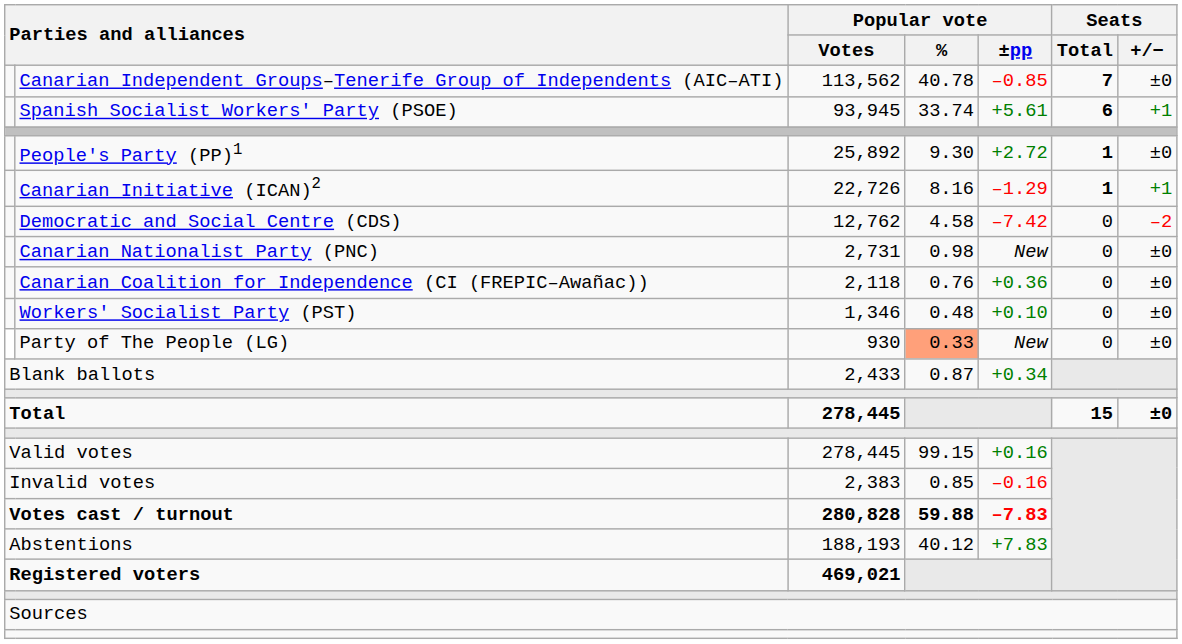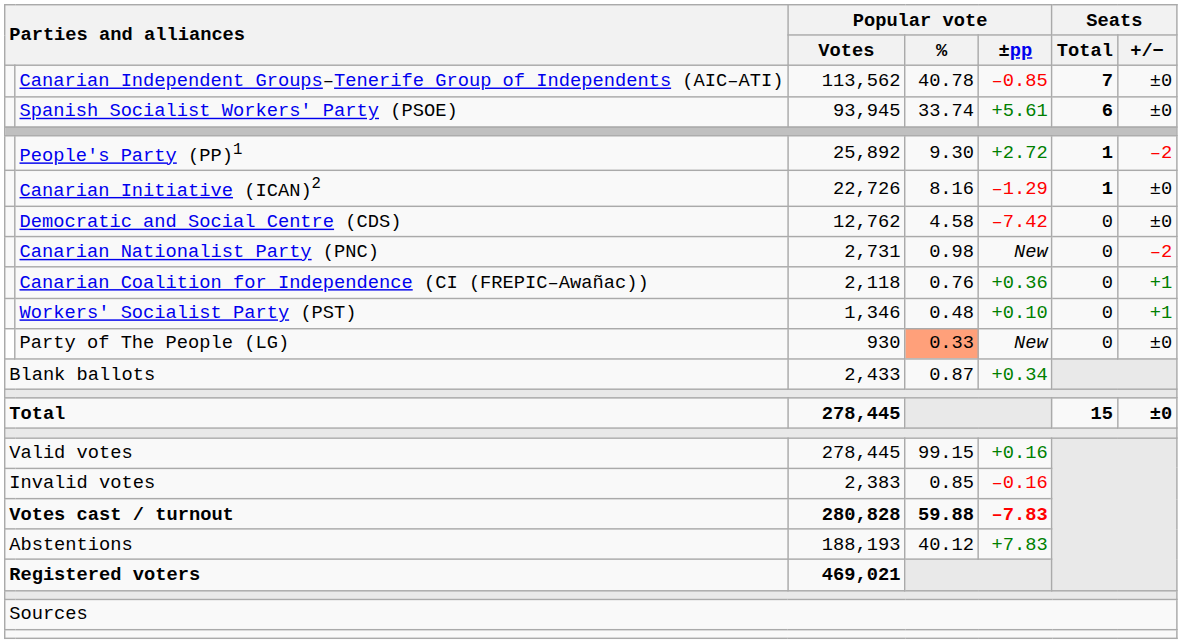 <table class="wikitable" style="text-align:right;">
 <tr>
 <th style="text-align:left;" rowspan="2" colspan="2" width="525">Parties and alliances</th>
 <th colspan="3">Popular vote</th>
 <th colspan="2">Seats</th>
 </tr>
 <tr>
 <th width="75">Votes</th>
 <th width="45">%</th>
 <th width="45">±<a href='#'>pp</a></th>
 <th width="35">Total</th>
 <th width="35">+/−</th>
 </tr>
 <tr>
 <td width="1" style="color:inherit;background:"></td>
 <td align="left"><a href='#'>Canarian Independent Groups</a>–<a href='#'>Tenerife Group of Independents</a> (AIC–ATI)</td>
 <td>113,562</td>
 <td>40.78</td>
 <td style="color:red;">–0.85</td>
 <td><strong>7</strong></td>
 <td>±0</td>
 </tr>
 <tr>
 <td style="color:inherit;background:"></td>
 <td align="left"><a href='#'>Spanish Socialist Workers' Party</a> (PSOE)</td>
 <td>93,945</td>
 <td>33.74</td>
 <td style="color:green;">+5.61</td>
 <td><strong>6</strong></td>
-<td style="color:green;">+1</td>
+<td>±0</td>
 </tr>
 <tr>
 <td colspan="7" bgcolor="#C0C0C0"></td>
 </tr>
 <tr>
 <td style="color:inherit;background:"></td>
 <td align="left"><a href='#'>People's Party</a> (PP)<sup>1</sup></td>
 <td>25,892</td>
 <td>9.30</td>
 <td style="color:green;">+2.72</td>
 <td><strong>1</strong></td>
-<td>±0</td>
+<td style="color:red;">–2</td>
 </tr>
 <tr>
 <td style="color:inherit;background:"></td>
 <td align="left"><a href='#'>Canarian Initiative</a> (ICAN)<sup>2</sup></td>
 <td>22,726</td>
 <td>8.16</td>
 <td style="color:red;">–1.29</td>
 <td><strong>1</strong></td>
-<td style="color:green;">+1</td>
+<td>±0</td>
 </tr>
 <tr>
 <td style="color:inherit;background:"></td>
 <td align="left"><a href='#'>Democratic and Social Centre</a> (CDS)</td>
 <td>12,762</td>
 <td>4.58</td>
 <td style="color:red;">–7.42</td>
 <td>0</td>
-<td style="color:red;">–2</td>
+<td>±0</td>
 </tr>
 <tr>
 <td style="color:inherit;background:"></td>
 <td align="left"><a href='#'>Canarian Nationalist Party</a> (PNC)</td>
 <td>2,731</td>
 <td>0.98</td>
 <td><em>New</em></td>
 <td>0</td>
-<td>±0</td>
+<td style="color:red;">–2</td>
 </tr>
 <tr>
 <td style="color:inherit;background:"></td>
 <td align="left"><a href='#'>Canarian Coalition for Independence</a> (CI (FREPIC–Awañac))</td>
 <td>2,118</td>
 <td>0.76</td>
 <td style="color:green;">+0.36</td>
 <td>0</td>
-<td>±0</td>
+<td style="color:green;">+1</td>
 </tr>
 <tr>
 <td style="color:inherit;background:"></td>
 <td align="left"><a href='#'>Workers' Socialist Party</a> (PST)</td>
 <td>1,346</td>
 <td>0.48</td>
 <td style="color:green;">+0.10</td>
 <td>0</td>
-<td>±0</td>
+<td style="color:green;">+1</td>
 </tr>
 <tr>
 <td bgcolor="white"></td>
 <td align="left">Party of The People (LG)</td>
 <td>930</td>
 <td style="background: lightsalmon;">0.33</td>
 <td><em>New</em></td>
 <td>0</td>
 <td>±0</td>
 </tr>
 <tr>
 <td align="left" colspan="2">Blank ballots</td>
 <td>2,433</td>
 <td>0.87</td>
 <td style="color:green;">+0.34</td>
 <td bgcolor="#E9E9E9" colspan="2"></td>
 </tr>
 <tr>
 <td colspan="7" bgcolor="#E9E9E9"></td>
 </tr>
 <tr style="font-weight:bold;">
 <td align="left" colspan="2">Total</td>
 <td>278,445</td>
 <td bgcolor="#E9E9E9" colspan="2"></td>
 <td>15</td>
 <td>±0</td>
 </tr>
 <tr>
 <td colspan="7" bgcolor="#E9E9E9"></td>
 </tr>
 <tr>
 <td align="left" colspan="2">Valid votes</td>
 <td>278,445</td>
 <td>99.15</td>
 <td style="color:green;">+0.16</td>
 <td bgcolor="#E9E9E9" colspan="2" rowspan="5"></td>
 </tr>
 <tr>
 <td align="left" colspan="2">Invalid votes</td>
 <td>2,383</td>
 <td>0.85</td>
 <td style="color:red;">–0.16</td>
 </tr>
 <tr style="font-weight:bold;">
 <td align="left" colspan="2">Votes cast / turnout</td>
 <td>280,828</td>
 <td>59.88</td>
 <td style="color:red;">–7.83</td>
 </tr>
 <tr>
 <td align="left" colspan="2">Abstentions</td>
 <td>188,193</td>
 <td>40.12</td>
 <td style="color:green;">+7.83</td>
 </tr>
 <tr style="font-weight:bold;">
 <td align="left" colspan="2">Registered voters</td>
 <td>469,021</td>
 <td bgcolor="#E9E9E9" colspan="2"></td>
 </tr>
 <tr>
 <td colspan="7" bgcolor="#E9E9E9"></td>
 </tr>
 <tr>
 <td align="left" colspan="7">Sources</td>
 </tr>
 <tr>
 <td colspan="7" style="text-align:left; max-width:790px;"></td>
 </tr>
 </table>
